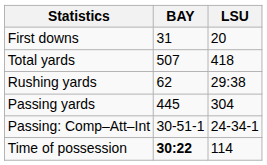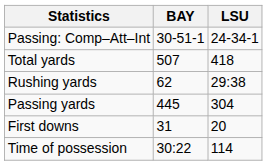 <table class="wikitable" style="float: left;">
 <tr>
 <th>Statistics</th>
 <th>BAY</th>
 <th>LSU</th>
 </tr>
 <tr>
-<td>First downs</td>
-<td>31</td>
-<td>20</td>
+<td>Passing: Comp–Att–Int</td>
+<td>30-51-1</td>
+<td>24-34-1</td>
 </tr>
 <tr>
 <td>Total yards</td>
 <td>507</td>
 <td>418</td>
 </tr>
 <tr>
 <td>Rushing yards</td>
 <td>62</td>
 <td>29:38</td>
 </tr>
 <tr>
 <td>Passing yards</td>
 <td>445</td>
 <td>304</td>
 </tr>
 <tr>
-<td>Passing: Comp–Att–Int</td>
-<td>30-51-1</td>
-<td>24-34-1</td>
+<td>First downs</td>
+<td>31</td>
+<td>20</td>
 </tr>
 <tr>
 <td>Time of possession</td>
-<td><strong>30:22</strong></td>
+<td>30:22</td>
 <td>114</td>
 </tr>
 </table>
